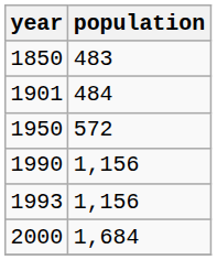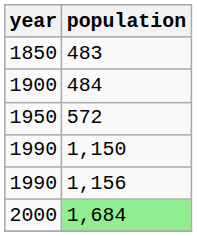 <table class="wikitable">
 <tr>
 <th>year</th>
 <th>population</th>
 </tr>
 <tr>
 <td>1850</td>
 <td>483</td>
 </tr>
 <tr>
-<td>1901</td>
+<td>1900</td>
 <td>484</td>
 </tr>
 <tr>
 <td>1950</td>
 <td>572</td>
 </tr>
 <tr>
 <td>1990</td>
-<td>1,156</td>
+<td>1,150</td>
 </tr>
 <tr>
-<td>1993</td>
+<td>1990</td>
 <td>1,156</td>
 </tr>
 <tr>
 <td>2000</td>
-<td>1,684</td>
+<td style="background: lightgreen;">1,684</td>
 </tr>
 <tr>
 </tr>
 </table>
